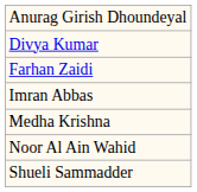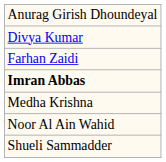 <table class="wikitable">
 <tr>
 <td bgcolor="#FFFAF0">Anurag Girish Dhoundeyal</td>
 </tr>
 <tr>
 <td bgcolor="#FFFAF0"><a href='#'>Divya Kumar</a></td>
 </tr>
 <tr>
 <td bgcolor="#FFFAF0"><a href='#'>Farhan Zaidi</a></td>
 </tr>
 <tr>
-<td bgcolor="#FFFAF0">Imran Abbas</td>
+<td bgcolor="#FFFAF0"><strong>Imran Abbas</strong></td>
 </tr>
 <tr>
 <td bgcolor="#FFFAF0">Medha Krishna</td>
 </tr>
 <tr>
 <td bgcolor="#FFFAF0">Noor Al Ain Wahid</td>
 </tr>
 <tr>
 <td bgcolor="#FFFAF0">Shueli Sammadder</td>
 </tr>
 </table>
